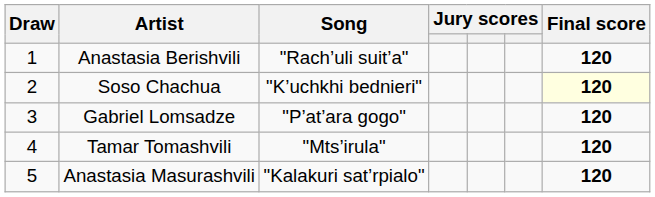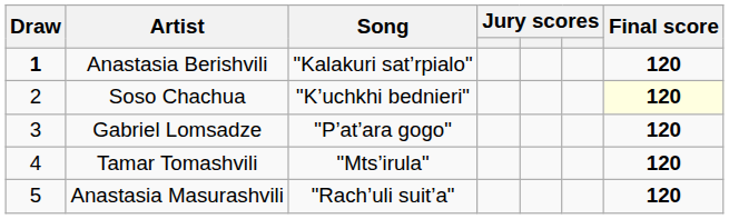 <table class="sortable wikitable" style="text-align:center;margin:1em auto 1em auto">
 <tr>
 <th rowspan="2" scope="col">Draw</th>
 <th rowspan="2" scope="col">Artist</th>
 <th rowspan="2" scope="col">Song</th>
 <th colspan="3" scope="col">Jury scores</th>
 <th rowspan="2" scope="col">Final score</th>
 </tr>
 <tr>
 <th colspan="1" scope="col" class="unsortable"><small></small></th>
 <th colspan="1" scope="col" class="unsortable"><small></small></th>
 <th colspan="1" scope="col" class="unsortable"><small></small></th>
 </tr>
 <tr>
-<td rowspan="1">1</td>
+<td rowspan="1"><strong>1</strong></td>
 <td rowspan="1">Anastasia Berishvili</td>
-<td rowspan="1">"Rach’uli suit’a"<br></td>
+<td rowspan="1">"Kalakuri sat’rpialo"<br></td>
 <td colspan="1"></td>
 <td colspan="1"></td>
 <td colspan="1"></td>
 <td rowspan="1"><strong>120</strong></td>
 </tr>
 <tr>
 <td rowspan="1">2</td>
 <td rowspan="1">Soso Chachua</td>
 <td rowspan="1">"K’uchkhi bednieri"<br></td>
 <td colspan="1"></td>
 <td colspan="1"></td>
 <td colspan="1"></td>
 <td rowspan="1" style="background: lightyellow;"><strong>120</strong></td>
 </tr>
 <tr>
 <td>3</td>
 <td>Gabriel Lomsadze</td>
 <td>"P’at’ara gogo"<br></td>
 <td colspan="1"></td>
 <td colspan="1"></td>
 <td colspan="1"></td>
 <td><strong>120</strong></td>
 </tr>
 <tr>
 <td rowspan="1">4</td>
 <td rowspan="1">Tamar Tomashvili</td>
 <td rowspan="1">"Mts’irula"<br></td>
 <td colspan="1"></td>
 <td colspan="1"></td>
 <td colspan="1"></td>
 <td rowspan="1"><strong>120</strong></td>
 </tr>
 <tr>
 <td rowspan="1">5</td>
 <td rowspan="1">Anastasia Masurashvili</td>
-<td rowspan="1">"Kalakuri sat’rpialo"<br></td>
+<td rowspan="1">"Rach’uli suit’a"<br></td>
 <td colspan="1"></td>
 <td colspan="1"></td>
 <td colspan="1"></td>
 <td rowspan="1"><strong>120</strong></td>
 </tr>
 </table>
